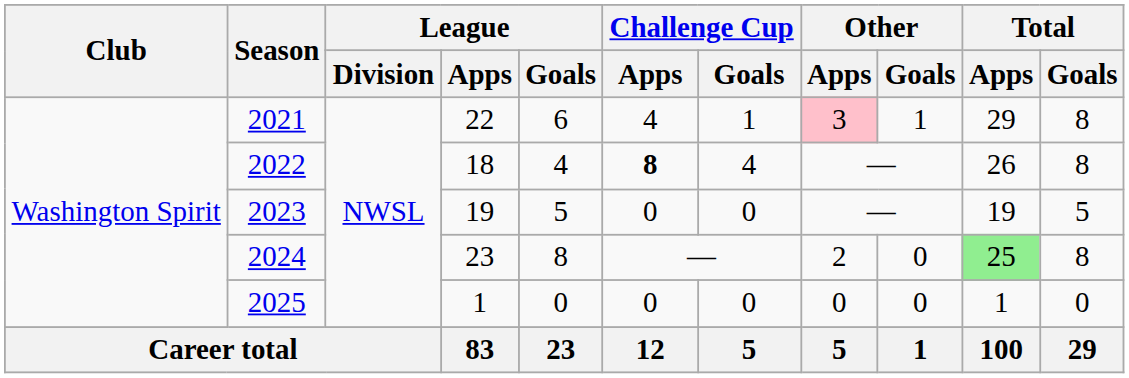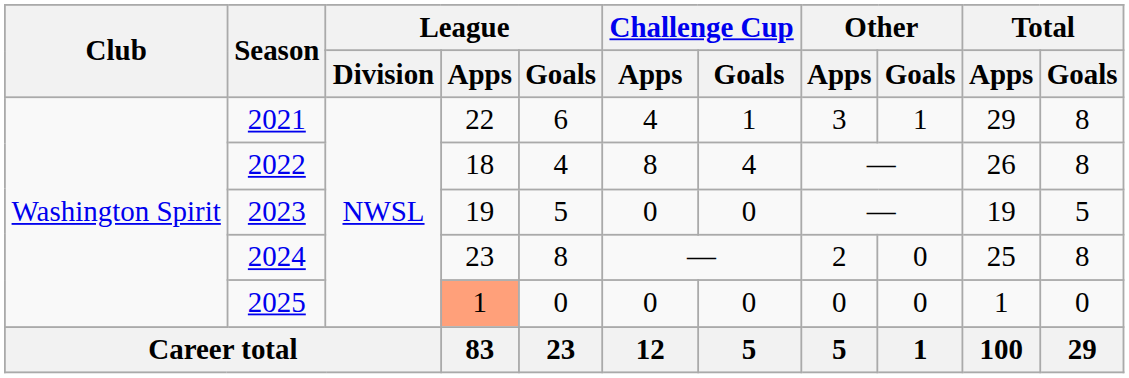 <table class="wikitable" style="text-align:center">
 <tr>
 <th rowspan="2">Club</th>
 <th rowspan="2">Season</th>
 <th colspan="3">League</th>
 <th colspan="2"><a href='#'>Challenge Cup</a></th>
 <th colspan="2">Other</th>
 <th colspan="2">Total</th>
 </tr>
 <tr>
 <th>Division</th>
 <th>Apps</th>
 <th>Goals</th>
 <th>Apps</th>
 <th>Goals</th>
 <th>Apps</th>
 <th>Goals</th>
 <th>Apps</th>
 <th>Goals</th>
 </tr>
 <tr>
 <td rowspan="5"><a href='#'>Washington Spirit</a></td>
 <td><a href='#'>2021</a></td>
 <td rowspan="5"><a href='#'>NWSL</a></td>
 <td>22</td>
 <td>6</td>
 <td>4</td>
 <td>1</td>
-<td style="background: pink;">3</td>
+<td>3</td>
 <td>1</td>
 <td>29</td>
 <td>8</td>
 </tr>
 <tr>
 <td><a href='#'>2022</a></td>
 <td>18</td>
 <td>4</td>
-<td><strong>8</strong></td>
+<td>8</td>
 <td>4</td>
 <td colspan="2">—</td>
 <td>26</td>
 <td>8</td>
 </tr>
 <tr>
 <td><a href='#'>2023</a></td>
 <td>19</td>
 <td>5</td>
 <td>0</td>
 <td>0</td>
 <td colspan="2">—</td>
 <td>19</td>
 <td>5</td>
 </tr>
 <tr>
 <td><a href='#'>2024</a></td>
 <td>23</td>
 <td>8</td>
 <td colspan="2">—</td>
 <td>2</td>
 <td>0</td>
-<td style="background: lightgreen;">25</td>
+<td>25</td>
 <td>8</td>
 </tr>
 <tr>
 <td><a href='#'>2025</a></td>
-<td>1</td>
+<td style="background: lightsalmon;">1</td>
 <td>0</td>
 <td>0</td>
 <td>0</td>
 <td>0</td>
 <td>0</td>
 <td>1</td>
 <td>0</td>
 </tr>
 <tr>
 <th colspan="3">Career total</th>
 <th>83</th>
 <th>23</th>
 <th>12</th>
 <th>5</th>
 <th>5</th>
 <th>1</th>
 <th>100</th>
 <th>29</th>
 </tr>
 </table>
